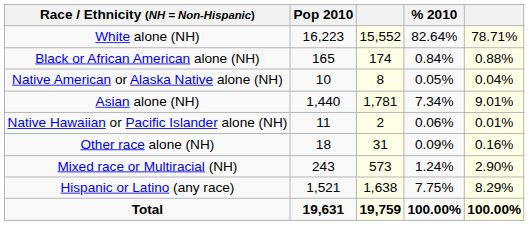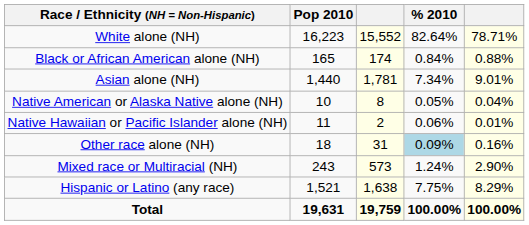 <table class="wikitable" style="text-align:center;">
 <tr>
 <th>Race / Ethnicity <small>(<em>NH = Non-Hispanic</em>)</small></th>
 <th>Pop 2010</th>
 <th></th>
 <th>% 2010</th>
 <th></th>
 </tr>
 <tr>
 <td><a href='#'>White</a> alone (NH)</td>
 <td>16,223</td>
 <td style='background: #ffffe6;'>15,552</td>
 <td>82.64%</td>
 <td style='background: #ffffe6;'>78.71%</td>
 </tr>
 <tr>
 <td><a href='#'>Black or African American</a> alone (NH)</td>
 <td>165</td>
 <td style='background: #ffffe6;'>174</td>
 <td>0.84%</td>
 <td style='background: #ffffe6;'>0.88%</td>
 </tr>
 <tr>
+<td><a href='#'>Asian</a> alone (NH)</td>
+<td>1,440</td>
+<td style='background: #ffffe6;'>1,781</td>
+<td>7.34%</td>
+<td style='background: #ffffe6;'>9.01%</td>
+</tr>
+<tr>
 <td><a href='#'>Native American</a> or <a href='#'>Alaska Native</a> alone (NH)</td>
 <td>10</td>
 <td style='background: #ffffe6;'>8</td>
 <td>0.05%</td>
 <td style='background: #ffffe6;'>0.04%</td>
-</tr>
-<tr>
-<td><a href='#'>Asian</a> alone (NH)</td>
-<td>1,440</td>
-<td style='background: #ffffe6;'>1,781</td>
-<td>7.34%</td>
-<td style='background: #ffffe6;'>9.01%</td>
 </tr>
 <tr>
 <td><a href='#'>Native Hawaiian</a> or <a href='#'>Pacific Islander</a> alone (NH)</td>
 <td>11</td>
 <td style='background: #ffffe6;'>2</td>
 <td>0.06%</td>
 <td style='background: #ffffe6;'>0.01%</td>
 </tr>
 <tr>
 <td><a href='#'>Other race</a> alone (NH)</td>
 <td>18</td>
 <td style='background: #ffffe6;'>31</td>
-<td>0.09%</td>
+<td style="background: lightblue;">0.09%</td>
 <td style='background: #ffffe6;'>0.16%</td>
 </tr>
 <tr>
 <td><a href='#'>Mixed race or Multiracial</a> (NH)</td>
 <td>243</td>
 <td style='background: #ffffe6;'>573</td>
 <td>1.24%</td>
 <td style='background: #ffffe6;'>2.90%</td>
 </tr>
 <tr>
 <td><a href='#'>Hispanic or Latino</a> (any race)</td>
 <td>1,521</td>
 <td style='background: #ffffe6;'>1,638</td>
 <td>7.75%</td>
 <td style='background: #ffffe6;'>8.29%</td>
 </tr>
 <tr>
 <td><strong>Total</strong></td>
 <td><strong>19,631</strong></td>
 <td style='background: #ffffe6;'><strong>19,759</strong></td>
 <td><strong>100.00%</strong></td>
 <td style='background: #ffffe6;'><strong>100.00%</strong></td>
 </tr>
 </table>
